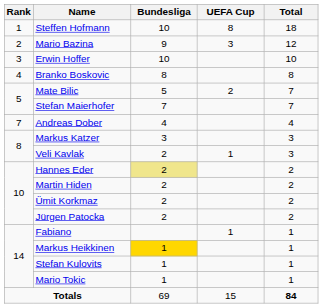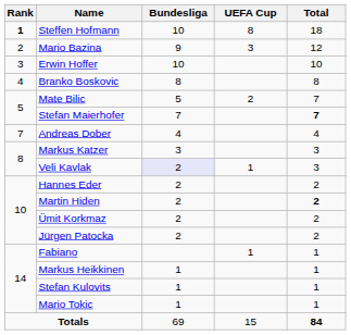 <table class="wikitable" style="text-align: center;">
 <tr>
 <th>Rank</th>
 <th width=150>Name</th>
 <th width=100>Bundesliga</th>
 <th width=100>UEFA Cup</th>
 <th width=80><strong>Total</strong></th>
 </tr>
 <tr>
-<td>1</td>
+<td><strong>1</strong></td>
 <td align="left"> <a href='#'>Steffen Hofmann</a></td>
 <td>10</td>
 <td>8</td>
 <td>18</td>
 </tr>
 <tr>
 <td>2</td>
 <td align="left"> <a href='#'>Mario Bazina</a></td>
 <td>9</td>
 <td>3</td>
 <td>12</td>
 </tr>
 <tr>
 <td>3</td>
 <td align="left"> <a href='#'>Erwin Hoffer</a></td>
 <td>10</td>
 <td></td>
 <td>10</td>
 </tr>
 <tr>
 <td>4</td>
 <td align="left"> <a href='#'>Branko Boskovic</a></td>
 <td>8</td>
 <td></td>
 <td>8</td>
 </tr>
 <tr>
 <td rowspan="2">5</td>
 <td align="left"> <a href='#'>Mate Bilic</a></td>
 <td>5</td>
 <td>2</td>
 <td>7</td>
 </tr>
 <tr>
 <td align="left"> <a href='#'>Stefan Maierhofer</a></td>
 <td>7</td>
 <td></td>
-<td>7</td>
+<td><strong>7</strong></td>
 </tr>
 <tr>
 <td>7</td>
 <td align="left"> <a href='#'>Andreas Dober</a></td>
 <td>4</td>
 <td></td>
 <td>4</td>
 </tr>
 <tr>
 <td rowspan="2">8</td>
 <td align="left"> <a href='#'>Markus Katzer</a></td>
 <td>3</td>
 <td></td>
 <td>3</td>
 </tr>
 <tr>
 <td align="left"> <a href='#'>Veli Kavlak</a></td>
-<td>2</td>
+<td style="background: lavender;">2</td>
 <td>1</td>
 <td>3</td>
 </tr>
 <tr>
 <td rowspan="4">10</td>
 <td align="left"> <a href='#'>Hannes Eder</a></td>
-<td style="background: khaki;">2</td>
+<td>2</td>
 <td></td>
 <td>2</td>
 </tr>
 <tr>
 <td align="left"> <a href='#'>Martin Hiden</a></td>
 <td>2</td>
 <td></td>
-<td>2</td>
+<td><strong>2</strong></td>
 </tr>
 <tr>
 <td align="left"> <a href='#'>Ümit Korkmaz</a></td>
 <td>2</td>
 <td></td>
 <td>2</td>
 </tr>
 <tr>
 <td align="left"> <a href='#'>Jürgen Patocka</a></td>
 <td>2</td>
 <td></td>
 <td>2</td>
 </tr>
 <tr>
 <td rowspan="4">14</td>
 <td align="left"> <a href='#'>Fabiano</a></td>
 <td></td>
 <td>1</td>
 <td>1</td>
 </tr>
 <tr>
 <td align="left"> <a href='#'>Markus Heikkinen</a></td>
-<td style="background: gold;">1</td>
+<td>1</td>
 <td></td>
 <td>1</td>
 </tr>
 <tr>
 <td align="left"> <a href='#'>Stefan Kulovits</a></td>
 <td>1</td>
 <td></td>
 <td>1</td>
 </tr>
 <tr>
 <td align="left"> <a href='#'>Mario Tokic</a></td>
 <td>1</td>
 <td></td>
 <td>1</td>
 </tr>
 <tr>
 <td colspan="2"><strong>Totals</strong></td>
 <td>69</td>
 <td>15</td>
 <td><strong>84</strong></td>
 </tr>
 </table>
